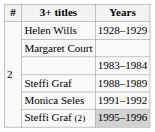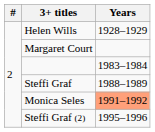 <table class="wikitable" style="display:inline-table;">
 <tr>
 <th style="width:18px;">#</th>
 <th>3+ titles</th>
 <th>Years</th>
 </tr>
 <tr>
 <td rowspan="6">2</td>
 <td> Helen Wills</td>
 <td>1928–1929</td>
 </tr>
 <tr>
 <td> Margaret Court</td>
 <td></td>
 </tr>
 <tr>
 <td></td>
 <td>1983–1984</td>
 </tr>
 <tr>
 <td> Steffi Graf</td>
 <td>1988–1989</td>
 </tr>
 <tr>
 <td> Monica Seles</td>
-<td>1991–1992</td>
+<td style="background: lightsalmon;">1991–1992</td>
 </tr>
 <tr>
 <td> Steffi Graf <small>(2)</small></td>
-<td style="background: lightgrey;">1995–1996</td>
+<td>1995–1996</td>
 </tr>
 </table>
